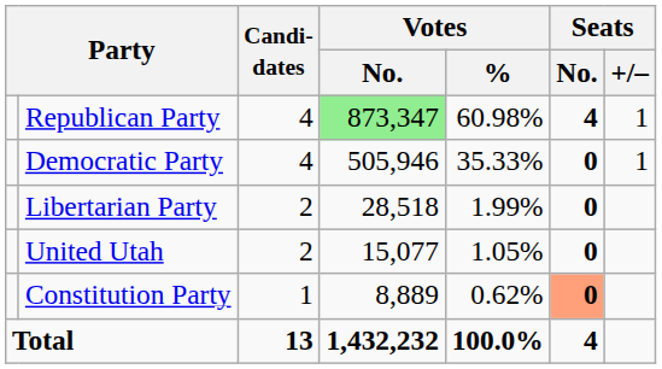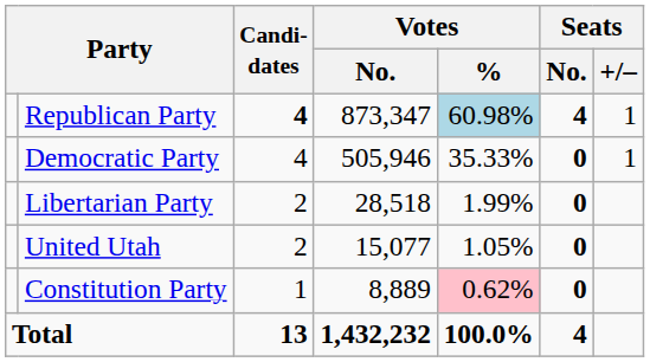 <table class="wikitable" style="font-size:100%; text-align:right;">
 <tr>
 <th colspan=2 rowspan=2>Party</th>
 <th rowspan=2><small>Candi-<br>dates</small></th>
 <th colspan=2>Votes</th>
 <th colspan=2>Seats</th>
 </tr>
 <tr>
 <th>No.</th>
 <th>%</th>
 <th>No.</th>
 <th>+/–</th>
 </tr>
 <tr>
 <td style="background:"></td>
 <td align=left><a href='#'>Republican Party</a></td>
-<td>4</td>
-<td style="background: lightgreen;">873,347</td>
-<td>60.98%</td>
+<td><strong>4</strong></td>
+<td>873,347</td>
+<td style="background: lightblue;">60.98%</td>
 <td><strong>4</strong></td>
 <td> 1</td>
 </tr>
 <tr>
 <td style="background:"></td>
 <td align=left><a href='#'>Democratic Party</a></td>
 <td>4</td>
 <td>505,946</td>
 <td>35.33%</td>
 <td><strong>0</strong></td>
 <td> 1</td>
 </tr>
 <tr>
 <td style="background:"></td>
 <td align=left><a href='#'>Libertarian Party</a></td>
 <td>2</td>
 <td>28,518</td>
 <td>1.99%</td>
 <td><strong>0</strong></td>
 <td></td>
 </tr>
 <tr>
 <td style="background:"></td>
 <td align=left><a href='#'>United Utah</a></td>
 <td>2</td>
 <td>15,077</td>
 <td>1.05%</td>
 <td><strong>0</strong></td>
 <td></td>
 </tr>
 <tr>
 <td style="background:"></td>
 <td align=left><a href='#'>Constitution Party</a></td>
 <td>1</td>
 <td>8,889</td>
-<td>0.62%</td>
-<td style="background: lightsalmon;"><strong>0</strong></td>
+<td style="background: pink;">0.62%</td>
+<td><strong>0</strong></td>
 <td></td>
 </tr>
 <tr style="font-weight:bold">
 <td colspan=2 align=left>Total</td>
 <td>13</td>
 <td><strong>1,432,232</strong></td>
 <td>100.0%</td>
 <td>4</td>
 <td></td>
 </tr>
 </table>
